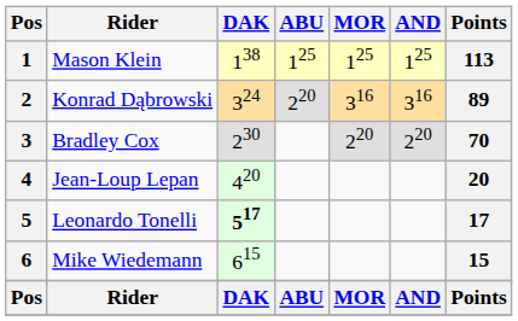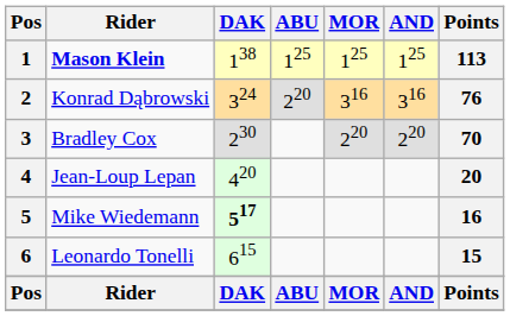 <table class="wikitable" style="font-size: 80%; text-align: center; display: inline-table;">
 <tr valign="top">
 <th valign="middle">Pos</th>
 <th valign="middle">Rider</th>
 <th><a href='#'>DAK</a><br></th>
 <th><a href='#'>ABU</a><br></th>
 <th><a href='#'>MOR</a><br></th>
 <th><a href='#'>AND</a><br></th>
 <th valign="middle">Points</th>
 </tr>
 <tr>
 <th>1</th>
-<td align=left> <a href='#'>Mason Klein</a></td>
+<td align=left><strong> <a href='#'>Mason Klein</a></strong></td>
 <td style="background:#ffffbf;">1<sup>38</sup></td>
 <td style="background:#ffffbf;">1<sup>25</sup></td>
 <td style="background:#ffffbf;">1<sup>25</sup></td>
 <td style="background:#ffffbf;">1<sup>25</sup></td>
 <th>113</th>
 </tr>
 <tr>
 <th>2</th>
 <td align=left> <a href='#'>Konrad Dąbrowski</a></td>
 <td style="background:#ffdf9f;">3<sup>24</sup></td>
 <td style="background:#dfdfdf;">2<sup>20</sup></td>
 <td style="background:#ffdf9f;">3<sup>16</sup></td>
 <td style="background:#ffdf9f;">3<sup>16</sup></td>
-<th>89</th>
+<th>76</th>
 </tr>
 <tr>
 <th>3</th>
 <td align=left> <a href='#'>Bradley Cox</a></td>
 <td style="background:#dfdfdf;">2<sup>30</sup></td>
 <td></td>
 <td style="background:#dfdfdf;">2<sup>20</sup></td>
 <td style="background:#dfdfdf;">2<sup>20</sup></td>
 <th>70</th>
 </tr>
 <tr>
 <th>4</th>
 <td align=left> <a href='#'>Jean-Loup Lepan</a></td>
 <td style="background:#dfffdf;">4<sup>20</sup></td>
 <td></td>
 <td></td>
 <td></td>
 <th>20</th>
 </tr>
 <tr>
 <th>5</th>
-<td align=left> <a href='#'>Leonardo Tonelli</a></td>
+<td align=left> <a href='#'>Mike Wiedemann</a></td>
 <td style="background:#dfffdf;"><strong>5<sup>17</sup></strong></td>
 <td></td>
 <td></td>
 <td></td>
-<th>17</th>
+<th>16</th>
 </tr>
 <tr>
 <th>6</th>
-<td align=left> <a href='#'>Mike Wiedemann</a></td>
+<td align=left> <a href='#'>Leonardo Tonelli</a></td>
 <td style="background:#dfffdf;">6<sup>15</sup></td>
 <td></td>
 <td></td>
 <td></td>
 <th>15</th>
 </tr>
 <tr>
 </tr>
 <tr valign="top">
 <th valign="middle">Pos</th>
 <th valign="middle">Rider</th>
 <th><a href='#'>DAK</a><br></th>
 <th><a href='#'>ABU</a><br></th>
 <th><a href='#'>MOR</a><br></th>
 <th><a href='#'>AND</a><br></th>
 <th valign="middle">Points</th>
 </tr>
 <tr>
 </tr>
 </table>
